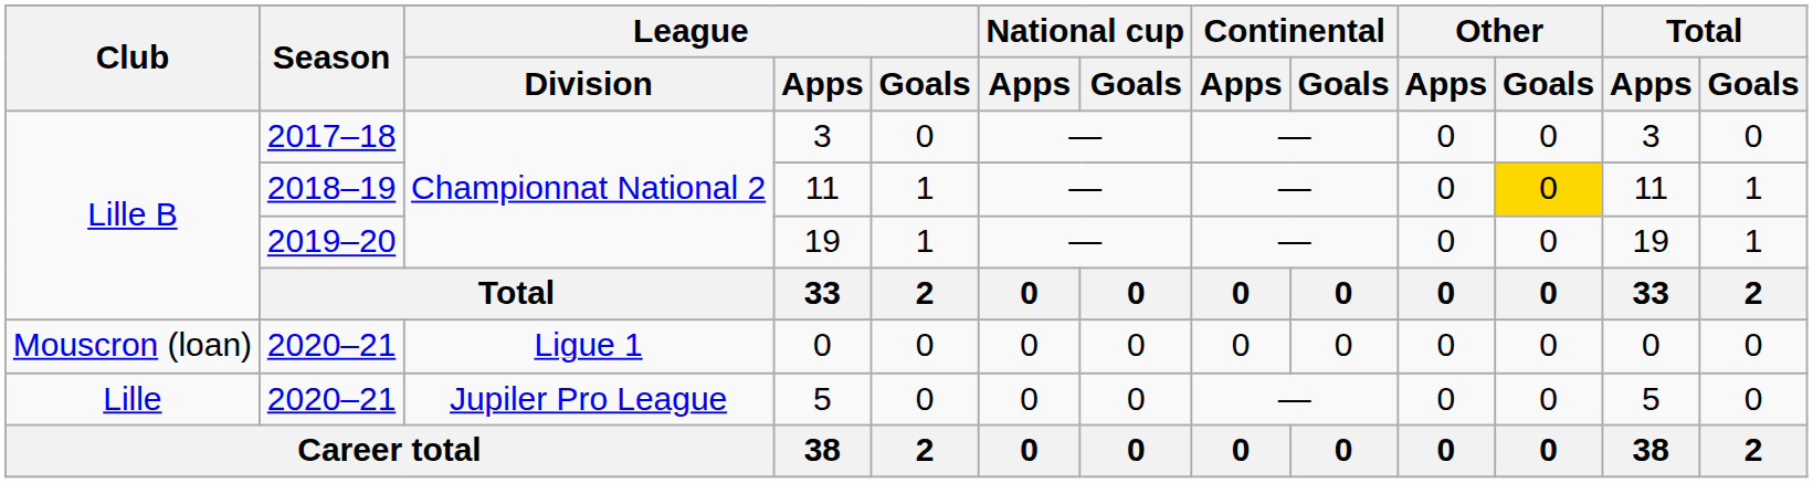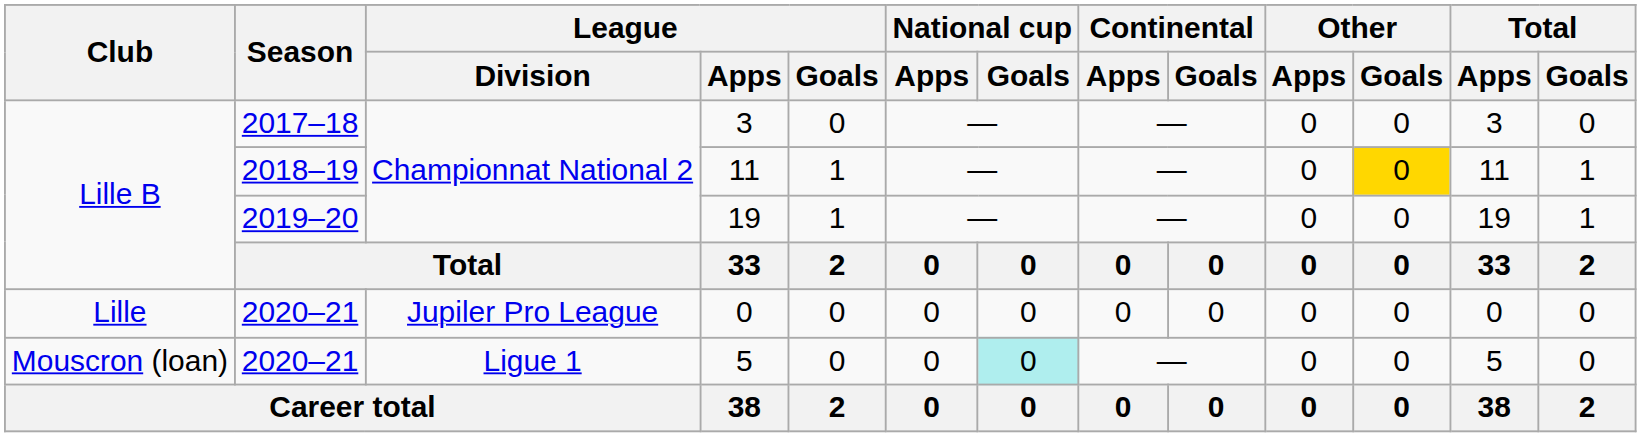 <table class="wikitable" style="text-align: center">
 <tr>
 <th rowspan="2">Club</th>
 <th rowspan="2">Season</th>
 <th colspan="3">League</th>
 <th colspan="2">National cup</th>
 <th colspan="2">Continental</th>
 <th colspan="2">Other</th>
 <th colspan="2">Total</th>
 </tr>
 <tr>
 <th>Division</th>
 <th>Apps</th>
 <th>Goals</th>
 <th>Apps</th>
 <th>Goals</th>
 <th>Apps</th>
 <th>Goals</th>
 <th>Apps</th>
 <th>Goals</th>
 <th>Apps</th>
 <th>Goals</th>
 </tr>
 <tr>
 <td rowspan="4"><a href='#'>Lille B</a></td>
 <td><a href='#'>2017–18</a></td>
 <td rowspan="3"><a href='#'>Championnat National 2</a></td>
 <td>3</td>
 <td>0</td>
 <td colspan="2">—</td>
 <td colspan="2">—</td>
 <td>0</td>
 <td>0</td>
 <td>3</td>
 <td>0</td>
 </tr>
 <tr>
 <td><a href='#'>2018–19</a></td>
 <td>11</td>
 <td>1</td>
 <td colspan="2">—</td>
 <td colspan="2">—</td>
 <td>0</td>
 <td style="background: gold;">0</td>
 <td>11</td>
 <td>1</td>
 </tr>
 <tr>
 <td><a href='#'>2019–20</a></td>
 <td>19</td>
 <td>1</td>
 <td colspan="2">—</td>
 <td colspan="2">—</td>
 <td>0</td>
 <td>0</td>
 <td>19</td>
 <td>1</td>
 </tr>
 <tr>
 <th colspan="2"><strong>Total</strong></th>
 <th>33</th>
 <th>2</th>
 <th>0</th>
 <th>0</th>
 <th>0</th>
 <th>0</th>
 <th>0</th>
 <th>0</th>
 <th>33</th>
 <th>2</th>
 </tr>
 <tr>
-<td><a href='#'>Mouscron</a> (loan)</td>
+<td><a href='#'>Lille</a></td>
 <td><a href='#'>2020–21</a></td>
-<td><a href='#'>Ligue 1</a></td>
+<td><a href='#'>Jupiler Pro League</a></td>
 <td>0</td>
 <td>0</td>
 <td>0</td>
 <td>0</td>
 <td>0</td>
 <td>0</td>
 <td>0</td>
 <td>0</td>
 <td>0</td>
 <td>0</td>
 </tr>
 <tr>
-<td><a href='#'>Lille</a></td>
+<td><a href='#'>Mouscron</a> (loan)</td>
 <td><a href='#'>2020–21</a></td>
-<td><a href='#'>Jupiler Pro League</a></td>
+<td><a href='#'>Ligue 1</a></td>
 <td>5</td>
 <td>0</td>
 <td>0</td>
-<td>0</td>
+<td style="background: paleturquoise;">0</td>
 <td colspan="2">—</td>
 <td>0</td>
 <td>0</td>
 <td>5</td>
 <td>0</td>
 </tr>
 <tr>
 <th colspan="3">Career total</th>
 <th>38</th>
 <th>2</th>
 <th>0</th>
 <th>0</th>
 <th>0</th>
 <th>0</th>
 <th>0</th>
 <th>0</th>
 <th>38</th>
 <th>2</th>
 </tr>
 </table>
